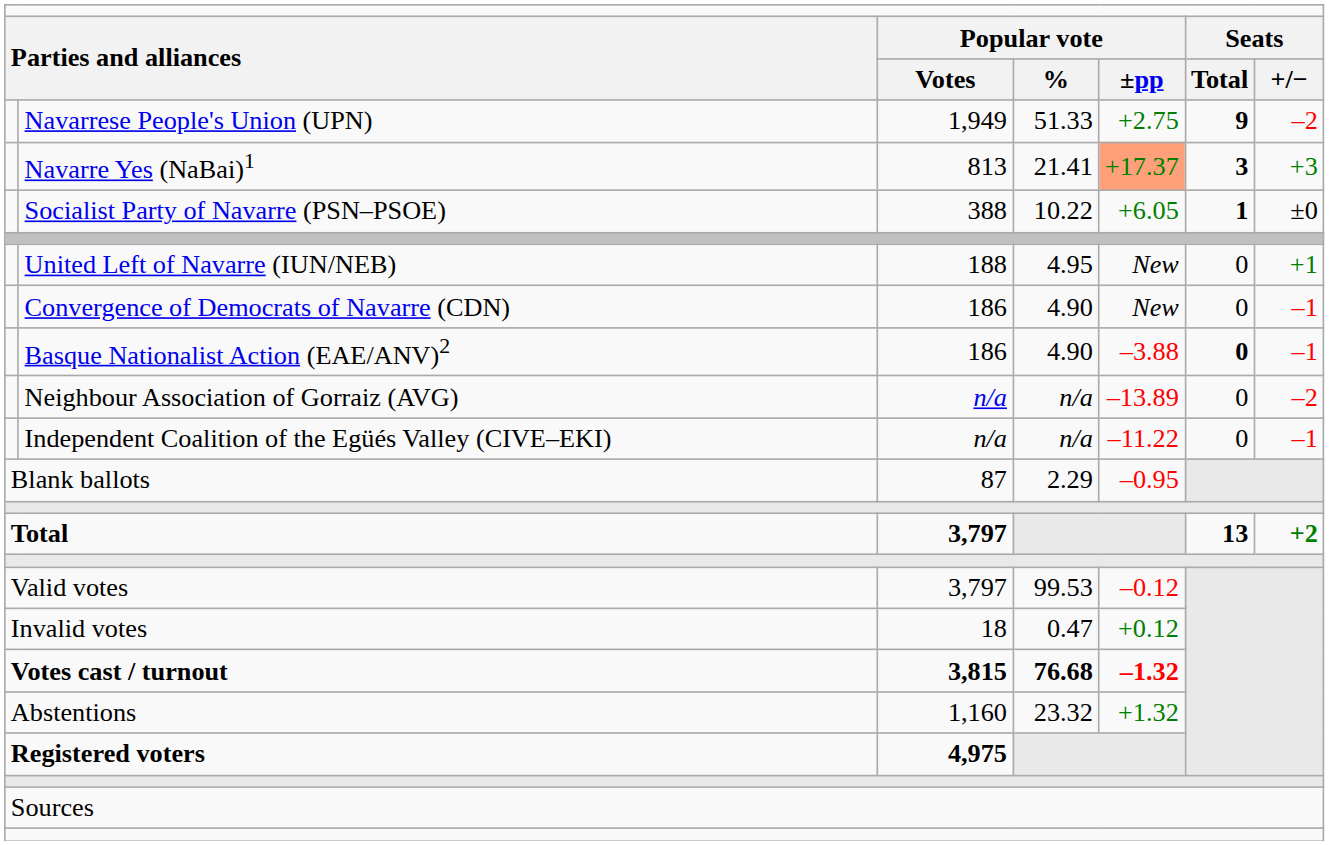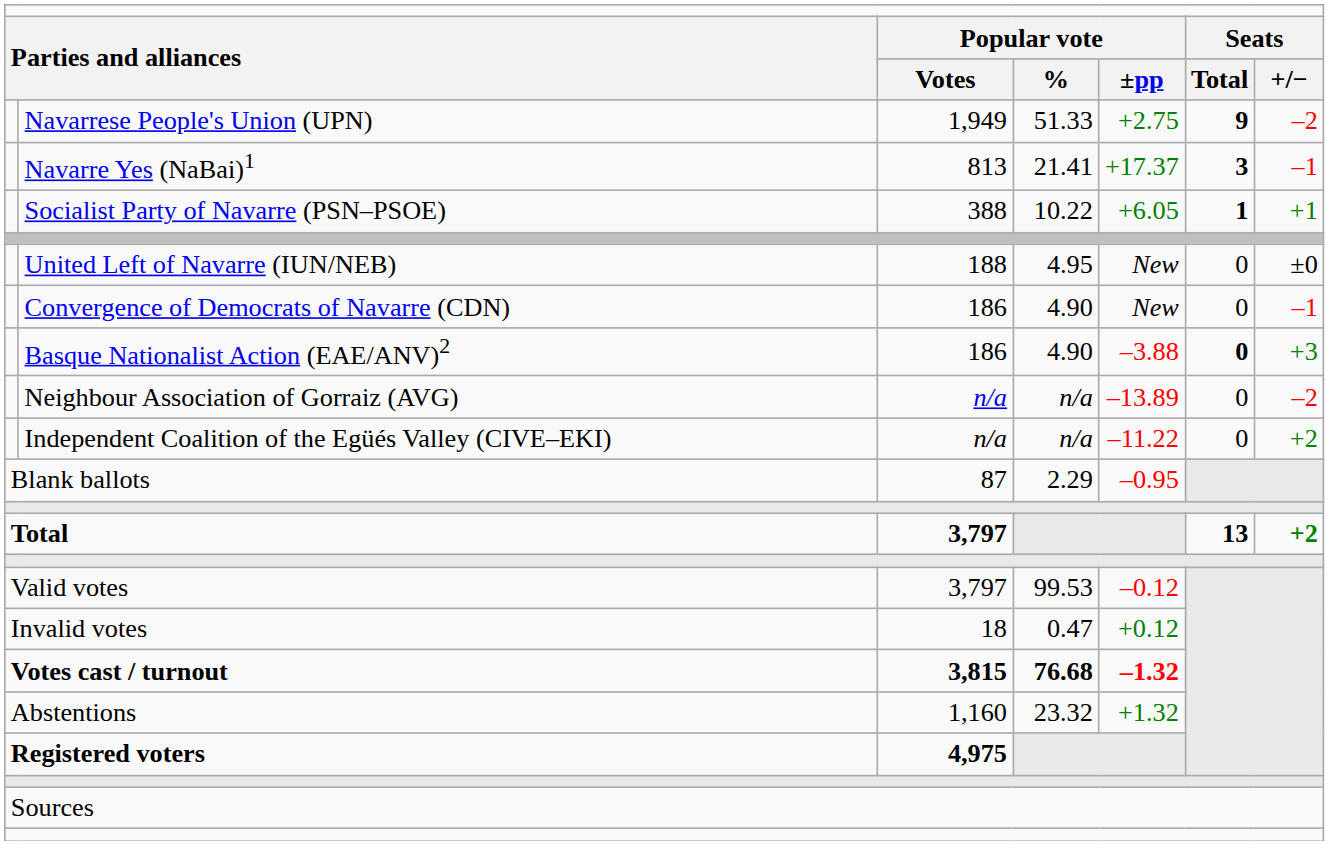 <table class="wikitable" style="text-align:right;">
 <tr>
 <td colspan="7"></td>
 </tr>
 <tr>
 <th style="text-align:left;" rowspan="2" colspan="2" width="525">Parties and alliances</th>
 <th colspan="3">Popular vote</th>
 <th colspan="2">Seats</th>
 </tr>
 <tr>
 <th width="75">Votes</th>
 <th width="45">%</th>
 <th width="45">±<a href='#'>pp</a></th>
 <th width="35">Total</th>
 <th width="35">+/−</th>
 </tr>
 <tr>
 <td width="1" style="color:inherit;background:"></td>
 <td align="left"><a href='#'>Navarrese People's Union</a> (UPN)</td>
 <td>1,949</td>
 <td>51.33</td>
 <td style="color:green;">+2.75</td>
 <td><strong>9</strong></td>
 <td style="color:red;">–2</td>
 </tr>
 <tr>
 <td style="color:inherit;background:"></td>
 <td align="left"><a href='#'>Navarre Yes</a> (NaBai)<sup>1</sup></td>
 <td>813</td>
 <td>21.41</td>
-<td style="background: lightsalmon; color:green;">+17.37</td>
+<td style="color:green;">+17.37</td>
 <td><strong>3</strong></td>
-<td style="color:green;">+3</td>
+<td style="color:red;">–1</td>
 </tr>
 <tr>
 <td style="color:inherit;background:"></td>
 <td align="left"><a href='#'>Socialist Party of Navarre</a> (PSN–PSOE)</td>
 <td>388</td>
 <td>10.22</td>
 <td style="color:green;">+6.05</td>
 <td><strong>1</strong></td>
-<td>±0</td>
+<td style="color:green;">+1</td>
 </tr>
 <tr>
 <td colspan="7" bgcolor="#C0C0C0"></td>
 </tr>
 <tr>
 <td style="color:inherit;background:"></td>
 <td align="left"><a href='#'>United Left of Navarre</a> (IUN/NEB)</td>
 <td>188</td>
 <td>4.95</td>
 <td><em>New</em></td>
 <td>0</td>
-<td style="color:green;">+1</td>
+<td>±0</td>
 </tr>
 <tr>
 <td style="color:inherit;background:"></td>
 <td align="left"><a href='#'>Convergence of Democrats of Navarre</a> (CDN)</td>
 <td>186</td>
 <td>4.90</td>
 <td><em>New</em></td>
 <td>0</td>
 <td style="color:red;">–1</td>
 </tr>
 <tr>
 <td style="color:inherit;background:"></td>
 <td align="left"><a href='#'>Basque Nationalist Action</a> (EAE/ANV)<sup>2</sup></td>
 <td>186</td>
 <td>4.90</td>
 <td style="color:red;">–3.88</td>
 <td><strong>0</strong></td>
-<td style="color:red;">–1</td>
+<td style="color:green;">+3</td>
 </tr>
 <tr>
 <td style="color:inherit;background:"></td>
 <td align="left">Neighbour Association of Gorraiz (AVG)</td>
 <td><em><a href='#'>n/a</a></em></td>
 <td><em>n/a</em></td>
 <td style="color:red;">–13.89</td>
 <td>0</td>
 <td style="color:red;">–2</td>
 </tr>
 <tr>
 <td style="color:inherit;background:"></td>
 <td align="left">Independent Coalition of the Egüés Valley (CIVE–EKI)</td>
 <td><em>n/a</em></td>
 <td><em>n/a</em></td>
 <td style="color:red;">–11.22</td>
 <td>0</td>
-<td style="color:red;">–1</td>
+<td style="color:green;">+2</td>
 </tr>
 <tr>
 <td align="left" colspan="2">Blank ballots</td>
 <td>87</td>
 <td>2.29</td>
 <td style="color:red;">–0.95</td>
 <td bgcolor="#E9E9E9" colspan="2"></td>
 </tr>
 <tr>
 <td colspan="7" bgcolor="#E9E9E9"></td>
 </tr>
 <tr style="font-weight:bold;">
 <td align="left" colspan="2">Total</td>
 <td>3,797</td>
 <td bgcolor="#E9E9E9" colspan="2"></td>
 <td>13</td>
 <td style="color:green;">+2</td>
 </tr>
 <tr>
 <td colspan="7" bgcolor="#E9E9E9"></td>
 </tr>
 <tr>
 <td align="left" colspan="2">Valid votes</td>
 <td>3,797</td>
 <td>99.53</td>
 <td style="color:red;">–0.12</td>
 <td bgcolor="#E9E9E9" colspan="2" rowspan="5"></td>
 </tr>
 <tr>
 <td align="left" colspan="2">Invalid votes</td>
 <td>18</td>
 <td>0.47</td>
 <td style="color:green;">+0.12</td>
 </tr>
 <tr style="font-weight:bold;">
 <td align="left" colspan="2">Votes cast / turnout</td>
 <td>3,815</td>
 <td>76.68</td>
 <td style="color:red;">–1.32</td>
 </tr>
 <tr>
 <td align="left" colspan="2">Abstentions</td>
 <td>1,160</td>
 <td>23.32</td>
 <td style="color:green;">+1.32</td>
 </tr>
 <tr style="font-weight:bold;">
 <td align="left" colspan="2">Registered voters</td>
 <td>4,975</td>
 <td bgcolor="#E9E9E9" colspan="2"></td>
 </tr>
 <tr>
 <td colspan="7" bgcolor="#E9E9E9"></td>
 </tr>
 <tr>
 <td align="left" colspan="7">Sources</td>
 </tr>
 <tr>
 <td colspan="7" style="text-align:left; max-width:790px;"></td>
 </tr>
 </table>
